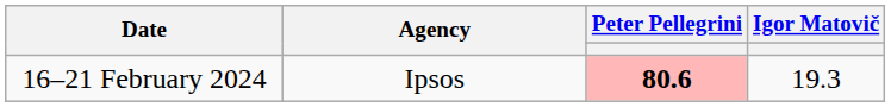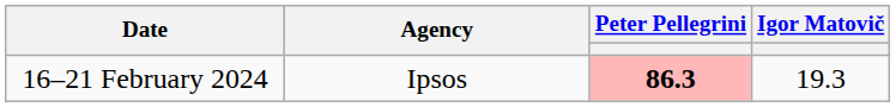 <table class="wikitable" style="text-align:center;">
 <tr style="font-size:80%;">
 <th style="width:150px;" rowspan="2">Date</th>
 <th style="width:165px;" rowspan="2">Agency</th>
 <th><a href='#'>Peter Pellegrini</a></th>
 <th><a href='#'>Igor Matovič</a></th>
 </tr>
 <tr>
 <th style="background:"></th>
 <th style="background:"></th>
 </tr>
 <tr>
 <td>16–21 February 2024</td>
 <td>Ipsos</td>
-<td style="background:#FFB7B7;"><strong>80.6</strong></td>
+<td style="background:#FFB7B7;"><strong>86.3</strong></td>
 <td>19.3</td>
 </tr>
 </table>
